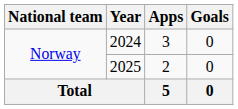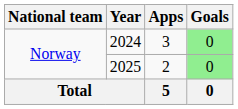 <table class="wikitable" style="text-align:center">
 <tr>
 <th>National team</th>
 <th>Year</th>
 <th>Apps</th>
 <th>Goals</th>
 </tr>
 <tr>
 <td rowspan="2"><a href='#'>Norway</a></td>
 <td>2024</td>
 <td>3</td>
-<td>0</td>
+<td style="background: lightgreen;">0</td>
 </tr>
 <tr>
 <td>2025</td>
 <td>2</td>
-<td>0</td>
+<td style="background: lightgreen;">0</td>
 </tr>
 <tr>
 <th colspan="2">Total</th>
 <th>5</th>
 <th>0</th>
 </tr>
 </table>
